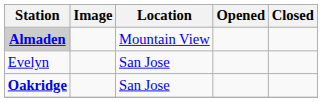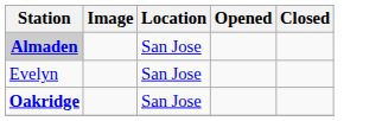 <table class="wikitable plainrowheaders sortable" summary="Station (sortable), Image, Line(s) (sortable), City (sortable), and Year opened (sortable)">
 <tr>
 <th scope="col">Station</th>
 <th scope="col" class="unsortable">Image</th>
 <th scope="col">Location</th>
 <th scope="col">Opened</th>
 <th scope="col">Closed</th>
 </tr>
 <tr>
 <th scope="row" style="background-color:#CCCCCC"><a href='#'>Almaden</a></th>
 <td></td>
-<td><a href='#'>Mountain View</a></td>
+<td><a href='#'>San Jose</a></td>
 <td></td>
 <td></td>
 </tr>
 <tr>
 <td><a href='#'>Evelyn</a></td>
 <td></td>
 <td><a href='#'>San Jose</a></td>
 <td></td>
 <td></td>
 </tr>
 <tr>
 <th scope="row" style="background-color:transparent;"><a href='#'>Oakridge</a></th>
 <td></td>
 <td><a href='#'>San Jose</a></td>
 <td></td>
 <td></td>
 </tr>
 <tr>
 </tr>
 </table>
